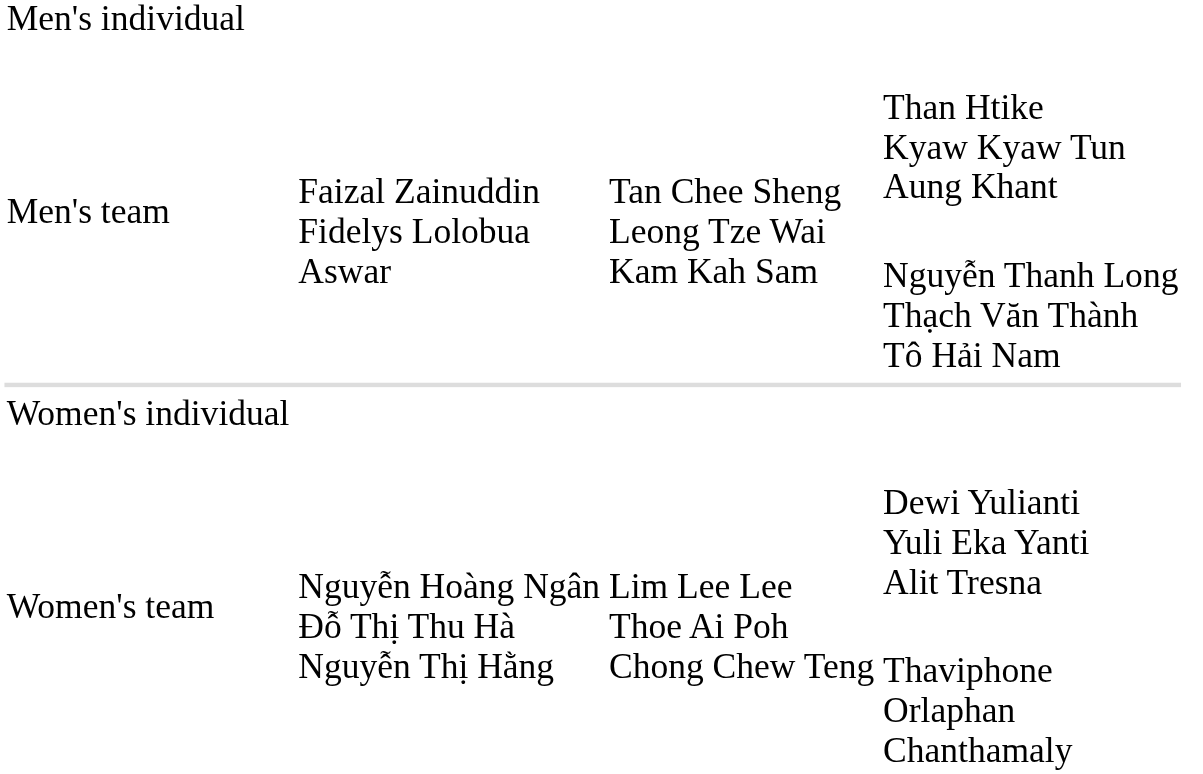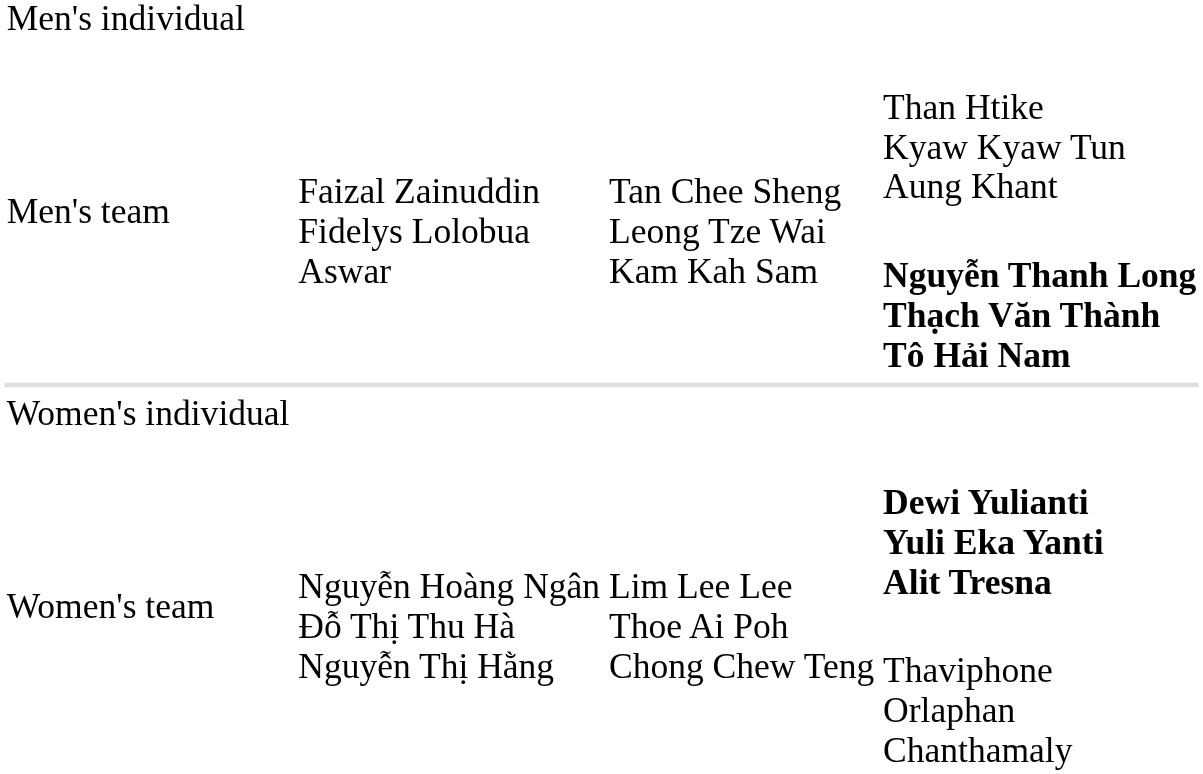 <table>
 <tr>
 <td rowspan=2>Men's individual</td>
 <td rowspan=2></td>
 <td rowspan=2></td>
 <td></td>
 </tr>
 <tr>
 <td></td>
 </tr>
 <tr>
 <td rowspan=2>Men's team</td>
 <td rowspan=2><br>Faizal Zainuddin<br>Fidelys Lolobua<br>Aswar</td>
 <td rowspan=2><br>Tan Chee Sheng<br>Leong Tze Wai<br>Kam Kah Sam</td>
 <td><br>Than Htike<br>Kyaw Kyaw Tun<br>Aung Khant</td>
 </tr>
 <tr>
-<td><br>Nguyễn Thanh Long<br>Thạch Văn Thành<br>Tô Hải Nam</td>
+<td><strong><br>Nguyễn Thanh Long<br>Thạch Văn Thành<br>Tô Hải Nam</strong></td>
 </tr>
 <tr bgcolor=#dddddd>
 <td colspan=4></td>
 </tr>
 <tr>
 <td rowspan=2>Women's individual</td>
 <td rowspan=2></td>
 <td rowspan=2></td>
 <td></td>
 </tr>
 <tr>
 <td></td>
 </tr>
 <tr>
 <td rowspan=2>Women's team</td>
 <td rowspan=2><br>Nguyễn Hoàng Ngân<br>Đỗ Thị Thu Hà<br>Nguyễn Thị Hằng</td>
 <td rowspan=2><br>Lim Lee Lee<br>Thoe Ai Poh<br>Chong Chew Teng</td>
-<td><br>Dewi Yulianti<br>Yuli Eka Yanti<br>Alit Tresna</td>
+<td><strong><br>Dewi Yulianti<br>Yuli Eka Yanti<br>Alit Tresna</strong></td>
 </tr>
 <tr>
 <td><br>Thaviphone<br>Orlaphan<br>Chanthamaly</td>
 </tr>
 </table>
